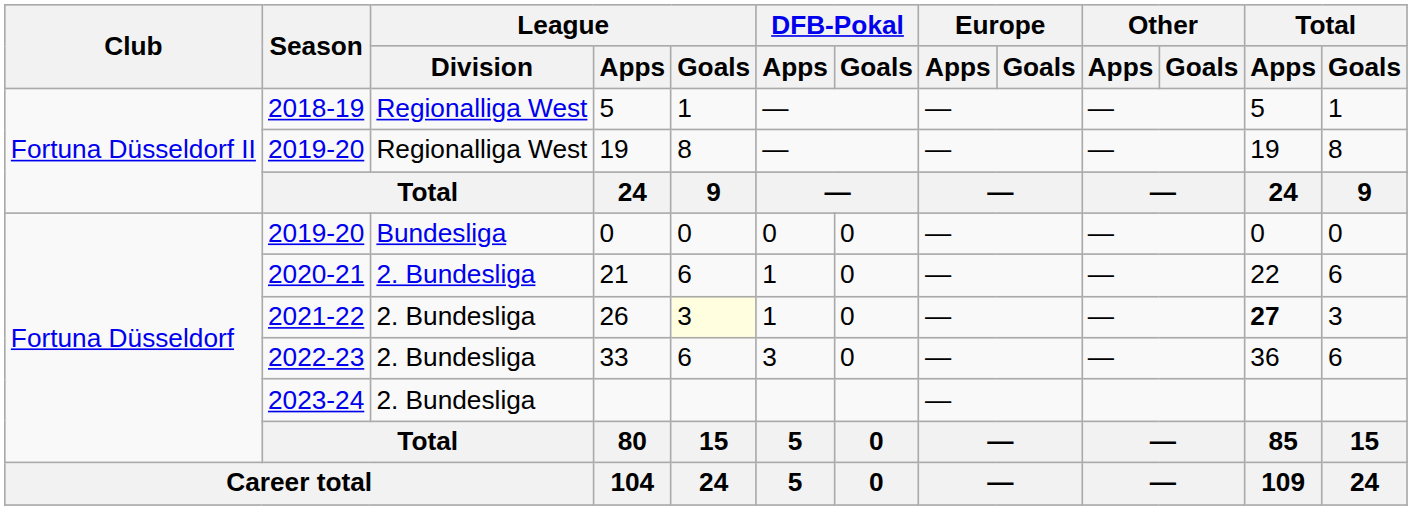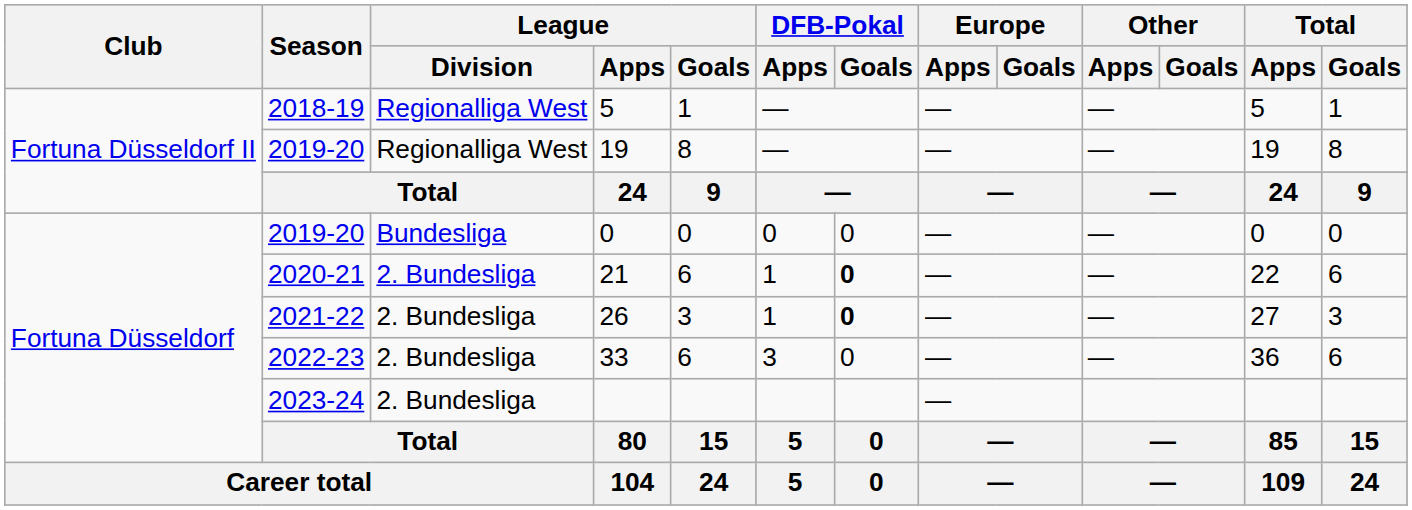 <table class="wikitable">
 <tr>
 <th rowspan="2">Club</th>
 <th rowspan="2">Season</th>
 <th colspan="3">League</th>
 <th colspan="2"><a href='#'>DFB-Pokal</a></th>
 <th colspan="2">Europe</th>
 <th colspan="2">Other</th>
 <th colspan="2">Total</th>
 </tr>
 <tr>
 <th>Division</th>
 <th>Apps</th>
 <th>Goals</th>
 <th>Apps</th>
 <th>Goals</th>
 <th>Apps</th>
 <th>Goals</th>
 <th>Apps</th>
 <th>Goals</th>
 <th>Apps</th>
 <th>Goals</th>
 </tr>
 <tr>
 <td rowspan="3"><a href='#'>Fortuna Düsseldorf II</a></td>
 <td><a href='#'>2018-19</a></td>
 <td><a href='#'>Regionalliga West</a></td>
 <td>5</td>
 <td>1</td>
 <td colspan="2">—</td>
 <td colspan="2">—</td>
 <td colspan="2">—</td>
 <td>5</td>
 <td>1</td>
 </tr>
 <tr>
 <td><a href='#'>2019-20</a></td>
 <td>Regionalliga West</td>
 <td>19</td>
 <td>8</td>
 <td colspan="2">—</td>
 <td colspan="2">—</td>
 <td colspan="2">—</td>
 <td>19</td>
 <td>8</td>
 </tr>
 <tr>
 <th colspan="2">Total</th>
 <th>24</th>
 <th>9</th>
 <th colspan="2">—</th>
 <th colspan="2">—</th>
 <th colspan="2">—</th>
 <th>24</th>
 <th>9</th>
 </tr>
 <tr>
 <td rowspan="6"><a href='#'>Fortuna Düsseldorf</a></td>
 <td><a href='#'>2019-20</a></td>
 <td><a href='#'>Bundesliga</a></td>
 <td>0</td>
 <td>0</td>
 <td>0</td>
 <td>0</td>
 <td colspan="2">—</td>
 <td colspan="2">—</td>
 <td>0</td>
 <td>0</td>
 </tr>
 <tr>
 <td><a href='#'>2020-21</a></td>
 <td><a href='#'>2. Bundesliga</a></td>
 <td>21</td>
 <td>6</td>
 <td>1</td>
-<td>0</td>
+<td><strong>0</strong></td>
 <td colspan="2">—</td>
 <td colspan="2">—</td>
 <td>22</td>
 <td>6</td>
 </tr>
 <tr>
 <td><a href='#'>2021-22</a></td>
 <td>2. Bundesliga</td>
 <td>26</td>
-<td style="background: lightyellow;">3</td>
+<td>3</td>
 <td>1</td>
-<td>0</td>
+<td><strong>0</strong></td>
 <td colspan="2">—</td>
 <td colspan="2">—</td>
-<td><strong>27</strong></td>
+<td>27</td>
 <td>3</td>
 </tr>
 <tr>
 <td><a href='#'>2022-23</a></td>
 <td>2. Bundesliga</td>
 <td>33</td>
 <td>6</td>
 <td>3</td>
 <td>0</td>
 <td colspan="2">—</td>
 <td colspan="2">—</td>
 <td>36</td>
 <td>6</td>
 </tr>
 <tr>
 <td><a href='#'>2023-24</a></td>
 <td>2. Bundesliga</td>
 <td></td>
 <td></td>
 <td></td>
 <td></td>
 <td colspan="2">—</td>
 <td colspan="2"></td>
 <td></td>
 <td></td>
 </tr>
 <tr>
 <th colspan="2">Total</th>
 <th>80</th>
 <th>15</th>
 <th>5</th>
 <th>0</th>
 <th colspan="2">—</th>
 <th colspan="2">—</th>
 <th>85</th>
 <th>15</th>
 </tr>
 <tr>
 <th colspan="3">Career total</th>
 <th>104</th>
 <th>24</th>
 <th>5</th>
 <th>0</th>
 <th colspan="2">—</th>
 <th colspan="2">—</th>
 <th>109</th>
 <th>24</th>
 </tr>
 </table>
